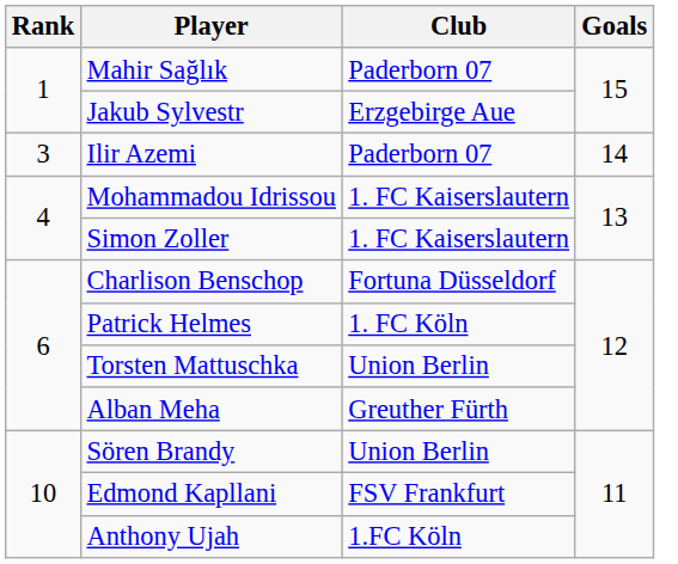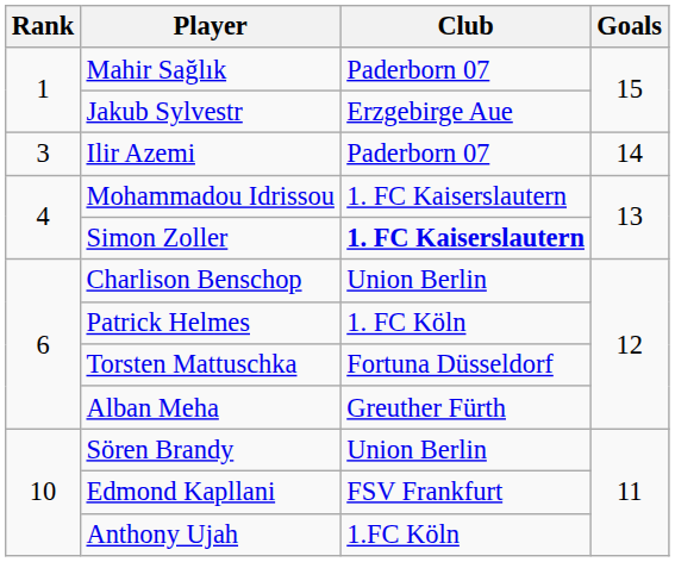 <table class="wikitable" style="text-align:center">
 <tr>
 <th>Rank</th>
 <th>Player</th>
 <th>Club</th>
 <th>Goals</th>
 </tr>
 <tr>
 <td rowspan=2>1</td>
 <td align=left> <a href='#'>Mahir Sağlık</a></td>
 <td align=left><a href='#'>Paderborn 07</a></td>
 <td rowspan=2>15</td>
 </tr>
 <tr>
 <td align=left> <a href='#'>Jakub Sylvestr</a></td>
 <td align=left><a href='#'>Erzgebirge Aue</a></td>
 </tr>
 <tr>
 <td>3</td>
 <td align=left> <a href='#'>Ilir Azemi</a></td>
 <td align=left><a href='#'>Paderborn 07</a></td>
 <td>14</td>
 </tr>
 <tr>
 <td rowspan=2>4</td>
 <td align=left> <a href='#'>Mohammadou Idrissou</a></td>
 <td align=left><a href='#'>1. FC Kaiserslautern</a></td>
 <td rowspan=2>13</td>
 </tr>
 <tr>
 <td align=left> <a href='#'>Simon Zoller</a></td>
-<td align=left><a href='#'>1. FC Kaiserslautern</a></td>
+<td align=left><strong><a href='#'>1. FC Kaiserslautern</a></strong></td>
 </tr>
 <tr>
 <td rowspan=4>6</td>
 <td align=left> <a href='#'>Charlison Benschop</a></td>
-<td align=left><a href='#'>Fortuna Düsseldorf</a></td>
+<td align=left><a href='#'>Union Berlin</a></td>
 <td rowspan=4>12</td>
 </tr>
 <tr>
 <td align=left> <a href='#'>Patrick Helmes</a></td>
 <td align=left><a href='#'>1. FC Köln</a></td>
 </tr>
 <tr>
 <td align=left> <a href='#'>Torsten Mattuschka</a></td>
-<td align=left><a href='#'>Union Berlin</a></td>
+<td align=left><a href='#'>Fortuna Düsseldorf</a></td>
 </tr>
 <tr>
 <td align=left> <a href='#'>Alban Meha</a></td>
 <td align=left><a href='#'>Greuther Fürth</a></td>
 </tr>
 <tr>
 <td rowspan=3>10</td>
 <td align=left> <a href='#'>Sören Brandy</a></td>
 <td align=left><a href='#'>Union Berlin</a></td>
 <td rowspan=3>11</td>
 </tr>
 <tr>
 <td align=left> <a href='#'>Edmond Kapllani</a></td>
 <td align=left><a href='#'>FSV Frankfurt</a></td>
 </tr>
 <tr>
 <td align=left> <a href='#'>Anthony Ujah</a></td>
 <td align=left><a href='#'>1.FC Köln</a></td>
 </tr>
 </table>
